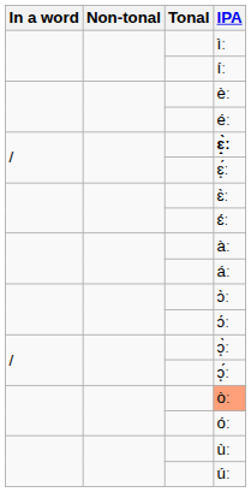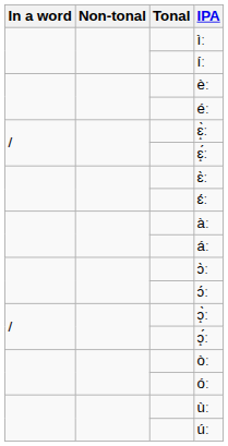 <table class="wikitable">
 <tr>
 <th>In a word</th>
 <th>Non-tonal</th>
 <th>Tonal</th>
 <th><a href='#'>IPA</a></th>
 </tr>
 <tr>
 <td rowspan="2"></td>
 <td rowspan="2"></td>
 <td></td>
 <td>ìː</td>
 </tr>
 <tr>
 <td></td>
 <td>íː</td>
 </tr>
 <tr>
 <td rowspan="2"></td>
 <td rowspan="2"></td>
 <td></td>
 <td>èː</td>
 </tr>
 <tr>
 <td></td>
 <td>éː</td>
 </tr>
 <tr>
 <td rowspan="2"> / </td>
 <td rowspan="2"></td>
 <td></td>
-<td><strong>ɛ̝̀ː</strong></td>
+<td>ɛ̝̀ː</td>
 </tr>
 <tr>
 <td></td>
 <td>ɛ̝́ː</td>
 </tr>
 <tr>
 <td rowspan="2"></td>
 <td rowspan="2"></td>
 <td></td>
 <td>ɛ̀ː</td>
 </tr>
 <tr>
 <td></td>
 <td>ɛ́ː</td>
 </tr>
 <tr>
 <td rowspan="2"></td>
 <td rowspan="2"></td>
 <td></td>
 <td>àː</td>
 </tr>
 <tr>
 <td></td>
 <td>áː</td>
 </tr>
 <tr>
 <td rowspan="2"></td>
 <td rowspan="2"></td>
 <td></td>
 <td>ɔ̀ː</td>
 </tr>
 <tr>
 <td></td>
 <td>ɔ́ː</td>
 </tr>
 <tr>
 <td rowspan="2"> / </td>
 <td rowspan="2"></td>
 <td></td>
 <td>ɔ̝̀ː</td>
 </tr>
 <tr>
 <td></td>
 <td>ɔ̝́ː</td>
 </tr>
 <tr>
 <td rowspan="2"></td>
 <td rowspan="2"></td>
 <td></td>
-<td style="background: lightsalmon;">òː</td>
+<td>òː</td>
 </tr>
 <tr>
 <td></td>
 <td>óː</td>
 </tr>
 <tr>
 <td rowspan="2"></td>
 <td rowspan="2"></td>
 <td></td>
 <td>ùː</td>
 </tr>
 <tr>
 <td></td>
 <td>úː</td>
 </tr>
 </table>
